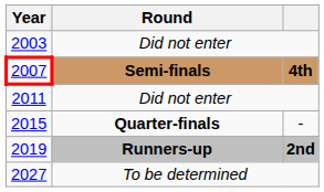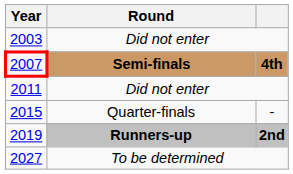 <table class="wikitable" style="text-align: center; font-size:90%">
 <tr>
 <th>Year</th>
 <th style="width:200px">Round</th>
 <th></th>
 </tr>
 <tr>
 <td><a href='#'>2003</a></td>
 <td colspan="2"><em>Did not enter</em></td>
 </tr>
 <tr>
 <td style="border: 3px solid red"><a href='#'>2007</a></td>
 <td bgcolor="cc9966"><strong>Semi-finals</strong></td>
 <td bgcolor="cc9966"><strong>4th</strong></td>
 </tr>
 <tr>
 <td><a href='#'>2011</a></td>
 <td colspan="2"><em>Did not enter</em></td>
 </tr>
 <tr>
 <td><a href='#'>2015</a></td>
-<td><strong>Quarter-finals</strong></td>
+<td>Quarter-finals</td>
 <td>-</td>
 </tr>
 <tr>
 <td><a href='#'>2019</a></td>
 <td bgcolor=Silver><strong>Runners-up</strong></td>
 <td bgcolor=Silver><strong>2nd</strong></td>
 </tr>
 <tr>
 <td><a href='#'>2027</a></td>
 <td colspan="2"><em>To be determined</em></td>
 </tr>
 </table>
